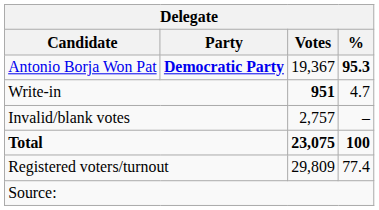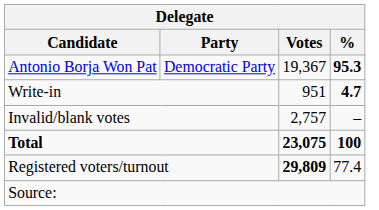 <table class=wikitable style=text-align:right>
 <tr>
 <th colspan=4>Delegate</th>
 </tr>
 <tr>
 <th>Candidate</th>
 <th>Party</th>
 <th>Votes</th>
 <th>%</th>
 </tr>
 <tr>
 <td align=left><a href='#'>Antonio Borja Won Pat</a></td>
-<td><strong><a href='#'>Democratic Party</a></strong></td>
+<td><a href='#'>Democratic Party</a></td>
 <td>19,367</td>
 <td><strong>95.3</strong></td>
 </tr>
 <tr>
 <td align=left colspan=2>Write-in</td>
-<td><strong>951</strong></td>
-<td>4.7</td>
+<td>951</td>
+<td><strong>4.7</strong></td>
 </tr>
 <tr>
 <td align=left colspan=2>Invalid/blank votes</td>
 <td>2,757</td>
 <td>–</td>
 </tr>
 <tr>
 <td align=left colspan=2><strong>Total</strong></td>
 <td><strong>23,075</strong></td>
 <td><strong>100</strong></td>
 </tr>
 <tr>
 <td align=left colspan=2>Registered voters/turnout</td>
-<td>29,809</td>
+<td><strong>29,809</strong></td>
 <td>77.4</td>
 </tr>
 <tr>
 <td align=left colspan=4>Source: </td>
 </tr>
 </table>
